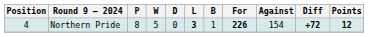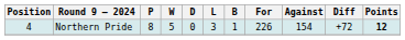 <table class="wikitable" style="text-align:center; font-size:85%;">
 <tr style="background: #d7ebed;">
 <th width="40" abbr="Position">Position</th>
 <th width="100">Round 9 – 2024</th>
 <th width="20" abbr="Played">P</th>
 <th width="20" abbr="Won">W</th>
 <th width="20" abbr="Drawn">D</th>
 <th width="20" abbr="Lost">L</th>
 <th width="20" abbr="Bye">B</th>
 <th width="40" abbr="Points for">For</th>
 <th width="40" abbr="Points against">Against</th>
 <th width="40" abbr="Points difference">Diff</th>
 <th width="40" abbr="Points">Points</th>
 </tr>
 <tr style="background: #d7ebed;">
 <td>4</td>
 <td style="text-align:left;"> Northern Pride</td>
 <td>8</td>
 <td>5</td>
 <td>0</td>
-<td><strong>3</strong></td>
+<td>3</td>
 <td>1</td>
-<td><strong>226</strong></td>
+<td>226</td>
 <td>154</td>
-<td><strong>+72</strong></td>
+<td>+72</td>
 <td><strong>12</strong></td>
 </tr>
 <tr>
 </tr>
 </table>
